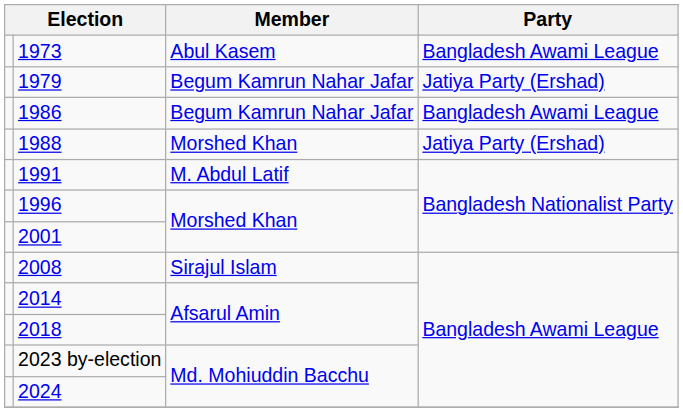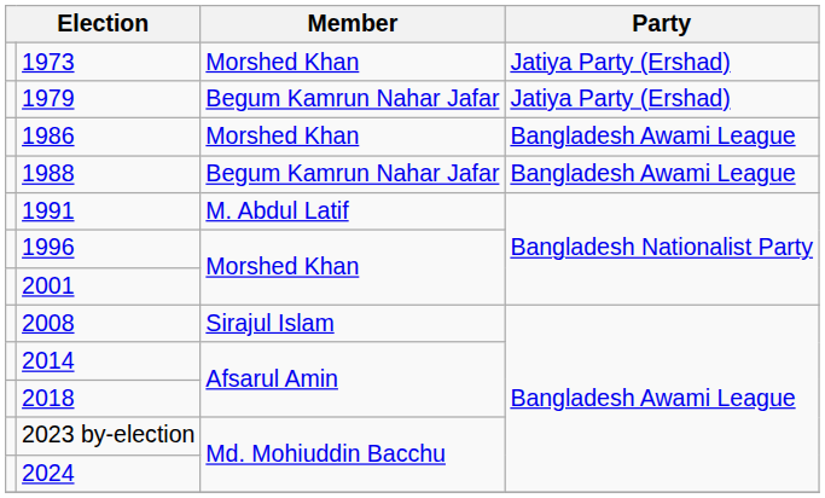 <table class="wikitable">
 <tr>
 <th colspan="2">Election</th>
 <th>Member</th>
 <th>Party</th>
 </tr>
 <tr>
 <td style="background-color:"></td>
 <td><a href='#'>1973</a></td>
-<td><a href='#'>Abul Kasem</a></td>
-<td><a href='#'>Bangladesh Awami League</a></td>
+<td><a href='#'>Morshed Khan</a></td>
+<td><a href='#'>Jatiya Party (Ershad)</a></td>
 </tr>
 <tr>
 <td style="background-color:"></td>
 <td><a href='#'>1979</a></td>
 <td><a href='#'>Begum Kamrun Nahar Jafar</a></td>
 <td><a href='#'>Jatiya Party (Ershad)</a></td>
 </tr>
 <tr>
 <td style="background-color:"></td>
 <td><a href='#'>1986</a></td>
-<td><a href='#'>Begum Kamrun Nahar Jafar</a></td>
+<td><a href='#'>Morshed Khan</a></td>
 <td><a href='#'>Bangladesh Awami League</a></td>
 </tr>
 <tr>
 <td style="background-color:"></td>
 <td><a href='#'>1988</a></td>
-<td><a href='#'>Morshed Khan</a></td>
-<td><a href='#'>Jatiya Party (Ershad)</a></td>
+<td><a href='#'>Begum Kamrun Nahar Jafar</a></td>
+<td><a href='#'>Bangladesh Awami League</a></td>
 </tr>
 <tr>
 <td style="background-color:"></td>
 <td><a href='#'>1991</a></td>
 <td><a href='#'>M. Abdul Latif</a></td>
 <td rowspan="3"><a href='#'>Bangladesh Nationalist Party</a></td>
 </tr>
 <tr>
 <td style="background-color:"></td>
 <td><a href='#'>1996</a></td>
 <td rowspan="2"><a href='#'>Morshed Khan</a></td>
 </tr>
 <tr>
 <td style="background-color:"></td>
 <td><a href='#'>2001</a></td>
 </tr>
 <tr>
 <td style="background-color:"></td>
 <td><a href='#'>2008</a></td>
 <td><a href='#'>Sirajul Islam</a></td>
 <td rowspan="5"><a href='#'>Bangladesh Awami League</a></td>
 </tr>
 <tr>
 <td style="background-color:"></td>
 <td><a href='#'>2014</a></td>
 <td rowspan="2"><a href='#'>Afsarul Amin</a></td>
 </tr>
 <tr>
 <td style="background-color:"></td>
 <td><a href='#'>2018</a></td>
 </tr>
 <tr>
 <td style="background-color:"></td>
 <td>2023 by-election</td>
 <td rowspan="2"><a href='#'>Md. Mohiuddin Bacchu</a></td>
 </tr>
 <tr>
 <td style="background-color:"></td>
 <td><a href='#'>2024</a></td>
 </tr>
 <tr>
 </tr>
 </table>
